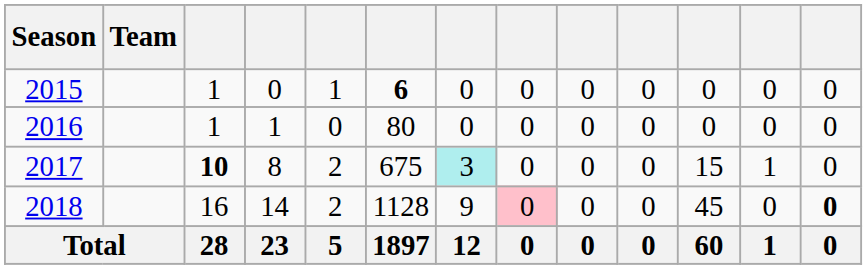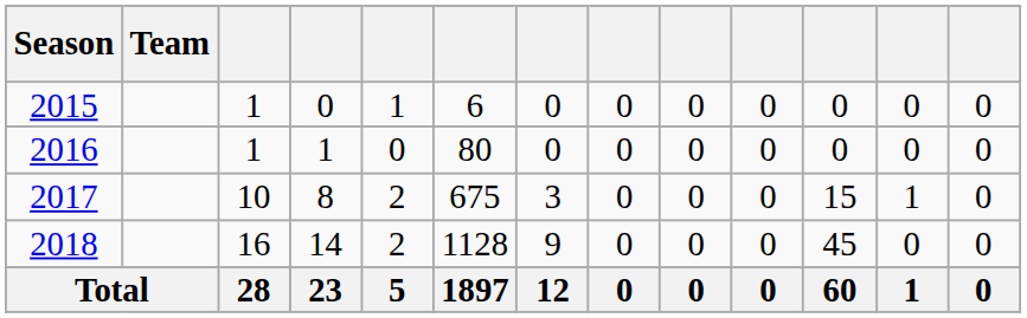 <table class="wikitable" style="text-align:center; line-height:90%; font-size:95%;">
 <tr style="line-height:175%;">
 <th>Season</th>
 <th>Team</th>
 <th style="width:25px;"></th>
 <th style="width:25px;"></th>
 <th style="width:25px;"></th>
 <th style="width:25px;"></th>
 <th style="width:25px;"></th>
 <th style="width:25px;"></th>
 <th style="width:25px;"></th>
 <th style="width:25px;"></th>
 <th style="width:25px;"></th>
 <th style="width:25px;"></th>
 <th style="width:25px;"></th>
 </tr>
 <tr>
 <td><a href='#'>2015</a></td>
 <td></td>
 <td>1</td>
 <td>0</td>
 <td>1</td>
-<td><strong>6</strong></td>
+<td>6</td>
 <td>0</td>
 <td>0</td>
 <td>0</td>
 <td>0</td>
 <td>0</td>
 <td>0</td>
 <td>0</td>
 </tr>
 <tr>
 <td><a href='#'>2016</a></td>
 <td></td>
 <td>1</td>
 <td>1</td>
 <td>0</td>
 <td>80</td>
 <td>0</td>
 <td>0</td>
 <td>0</td>
 <td>0</td>
 <td>0</td>
 <td>0</td>
 <td>0</td>
 </tr>
 <tr>
 <td><a href='#'>2017</a></td>
 <td></td>
-<td><strong>10</strong></td>
+<td>10</td>
 <td>8</td>
 <td>2</td>
 <td>675</td>
-<td style="background: paleturquoise;">3</td>
+<td>3</td>
 <td>0</td>
 <td>0</td>
 <td>0</td>
 <td>15</td>
 <td>1</td>
 <td>0</td>
 </tr>
 <tr>
 <td><a href='#'>2018</a></td>
 <td></td>
 <td>16</td>
 <td>14</td>
 <td>2</td>
 <td>1128</td>
 <td>9</td>
-<td style="background: pink;">0</td>
+<td>0</td>
 <td>0</td>
 <td>0</td>
 <td>45</td>
 <td>0</td>
-<td><strong>0</strong></td>
+<td>0</td>
 </tr>
 <tr>
 <th colspan="2">Total</th>
 <th>28</th>
 <th>23</th>
 <th>5</th>
 <th>1897</th>
 <th>12</th>
 <th>0</th>
 <th>0</th>
 <th>0</th>
 <th>60</th>
 <th>1</th>
 <th>0</th>
 </tr>
 </table>
